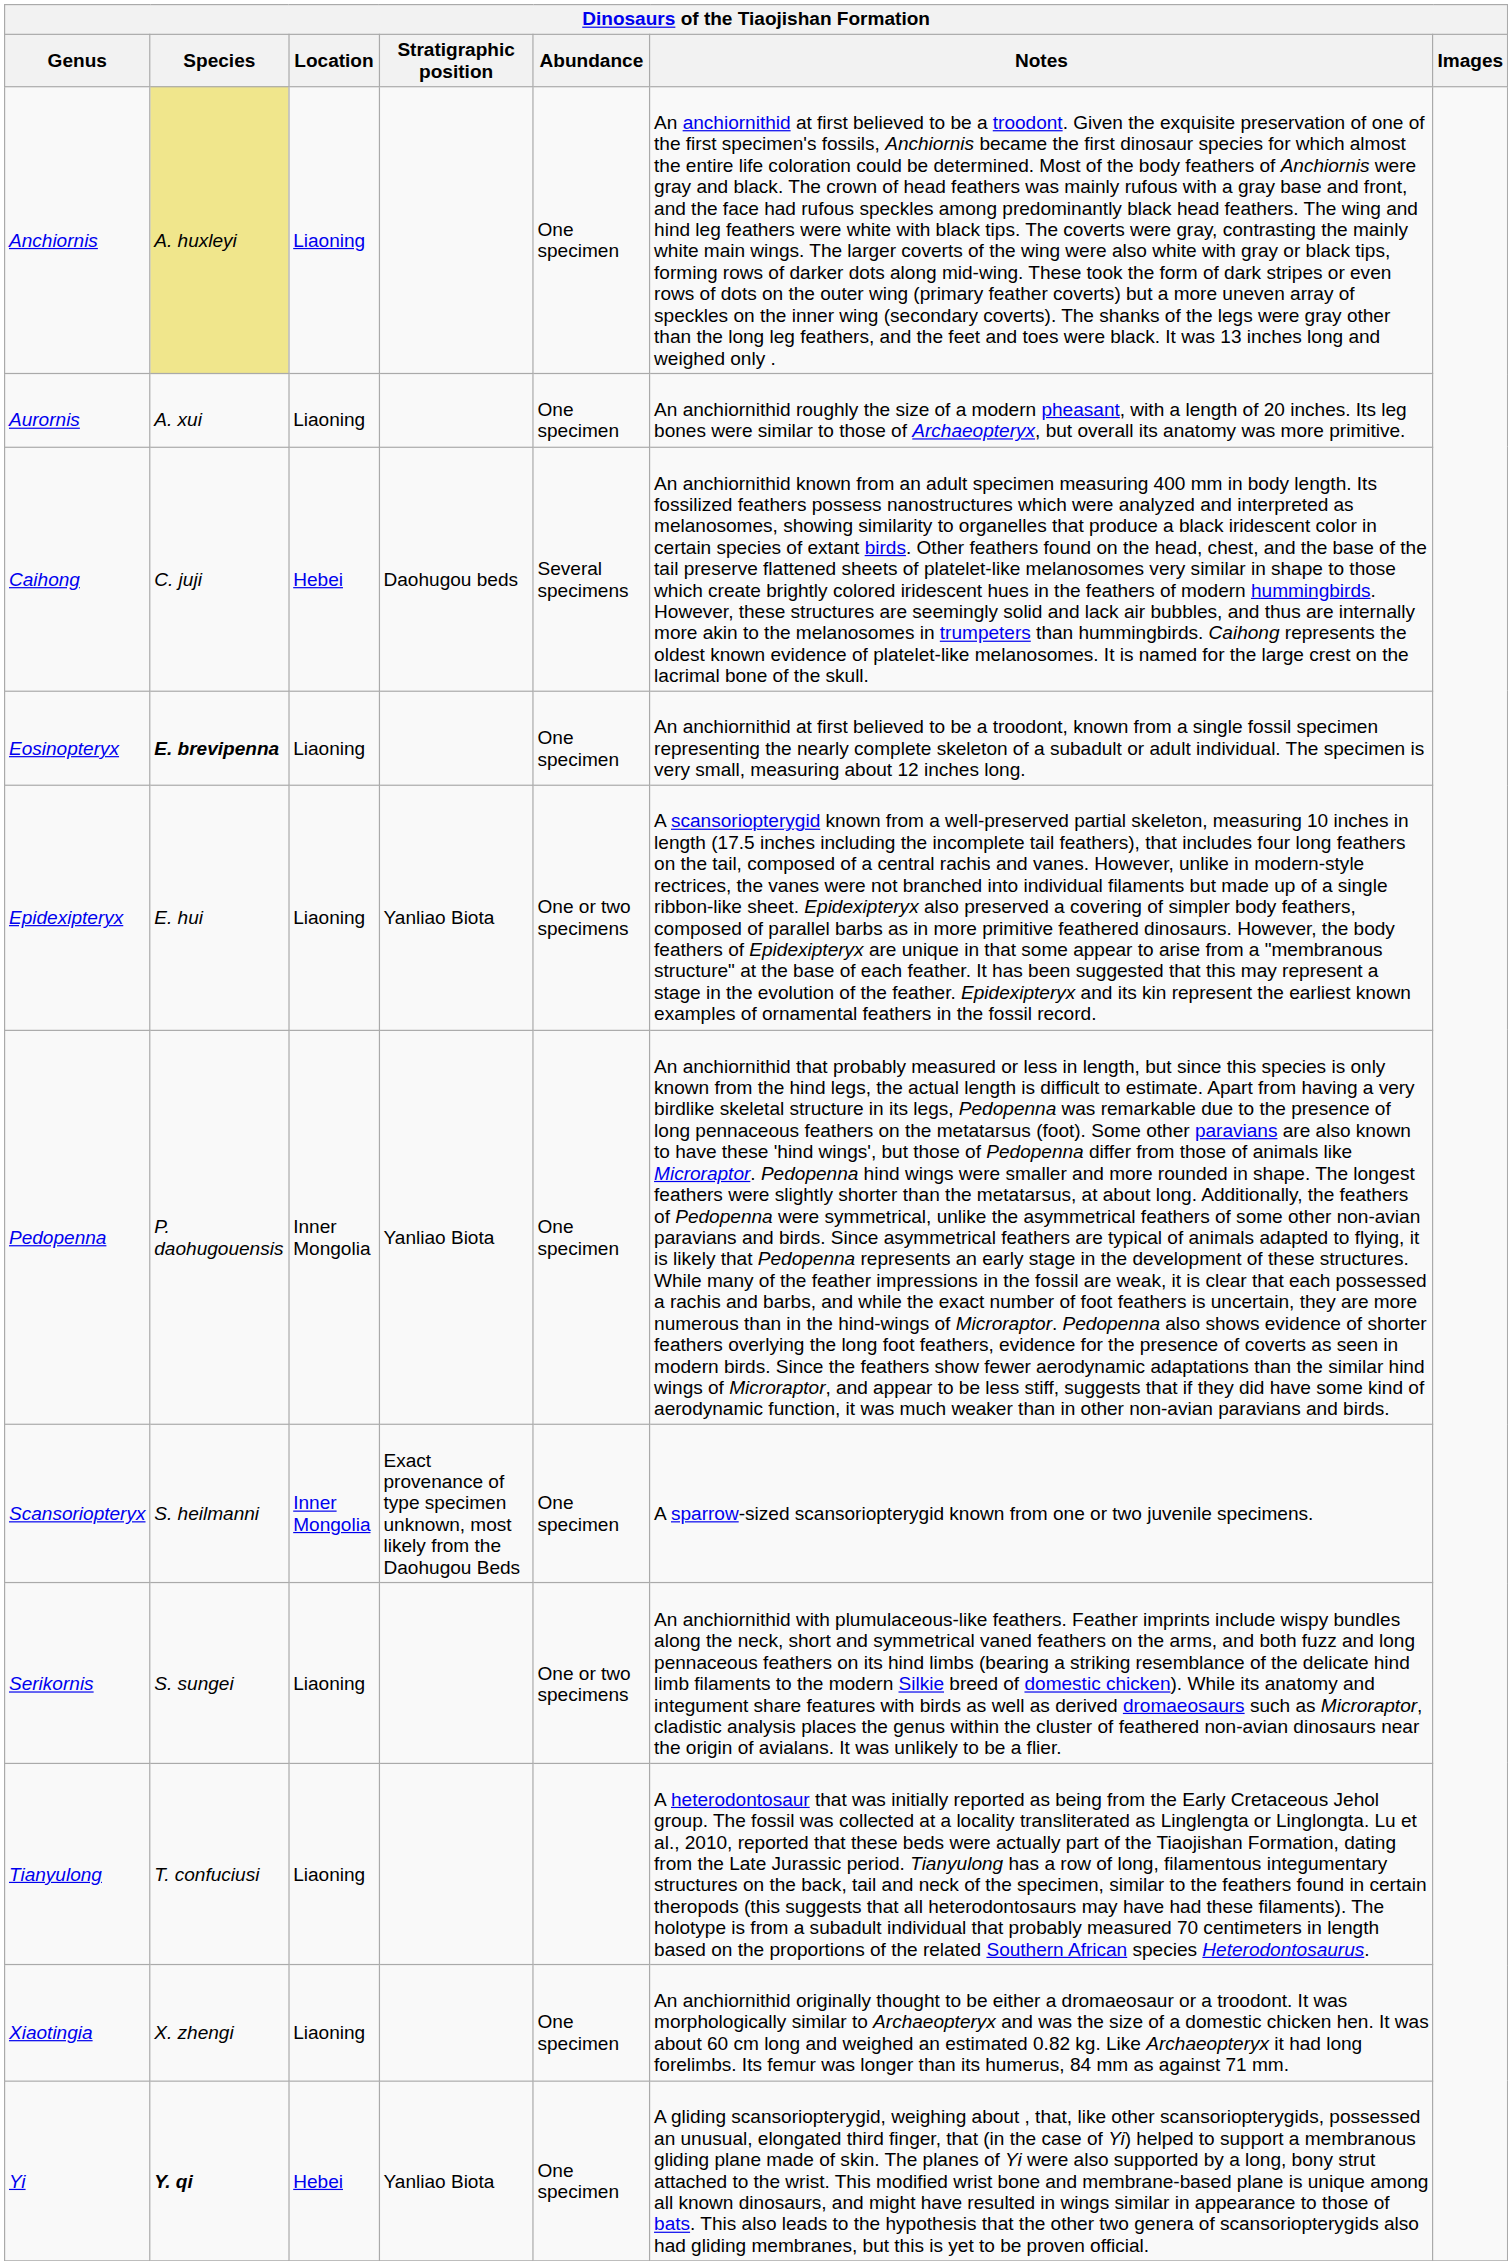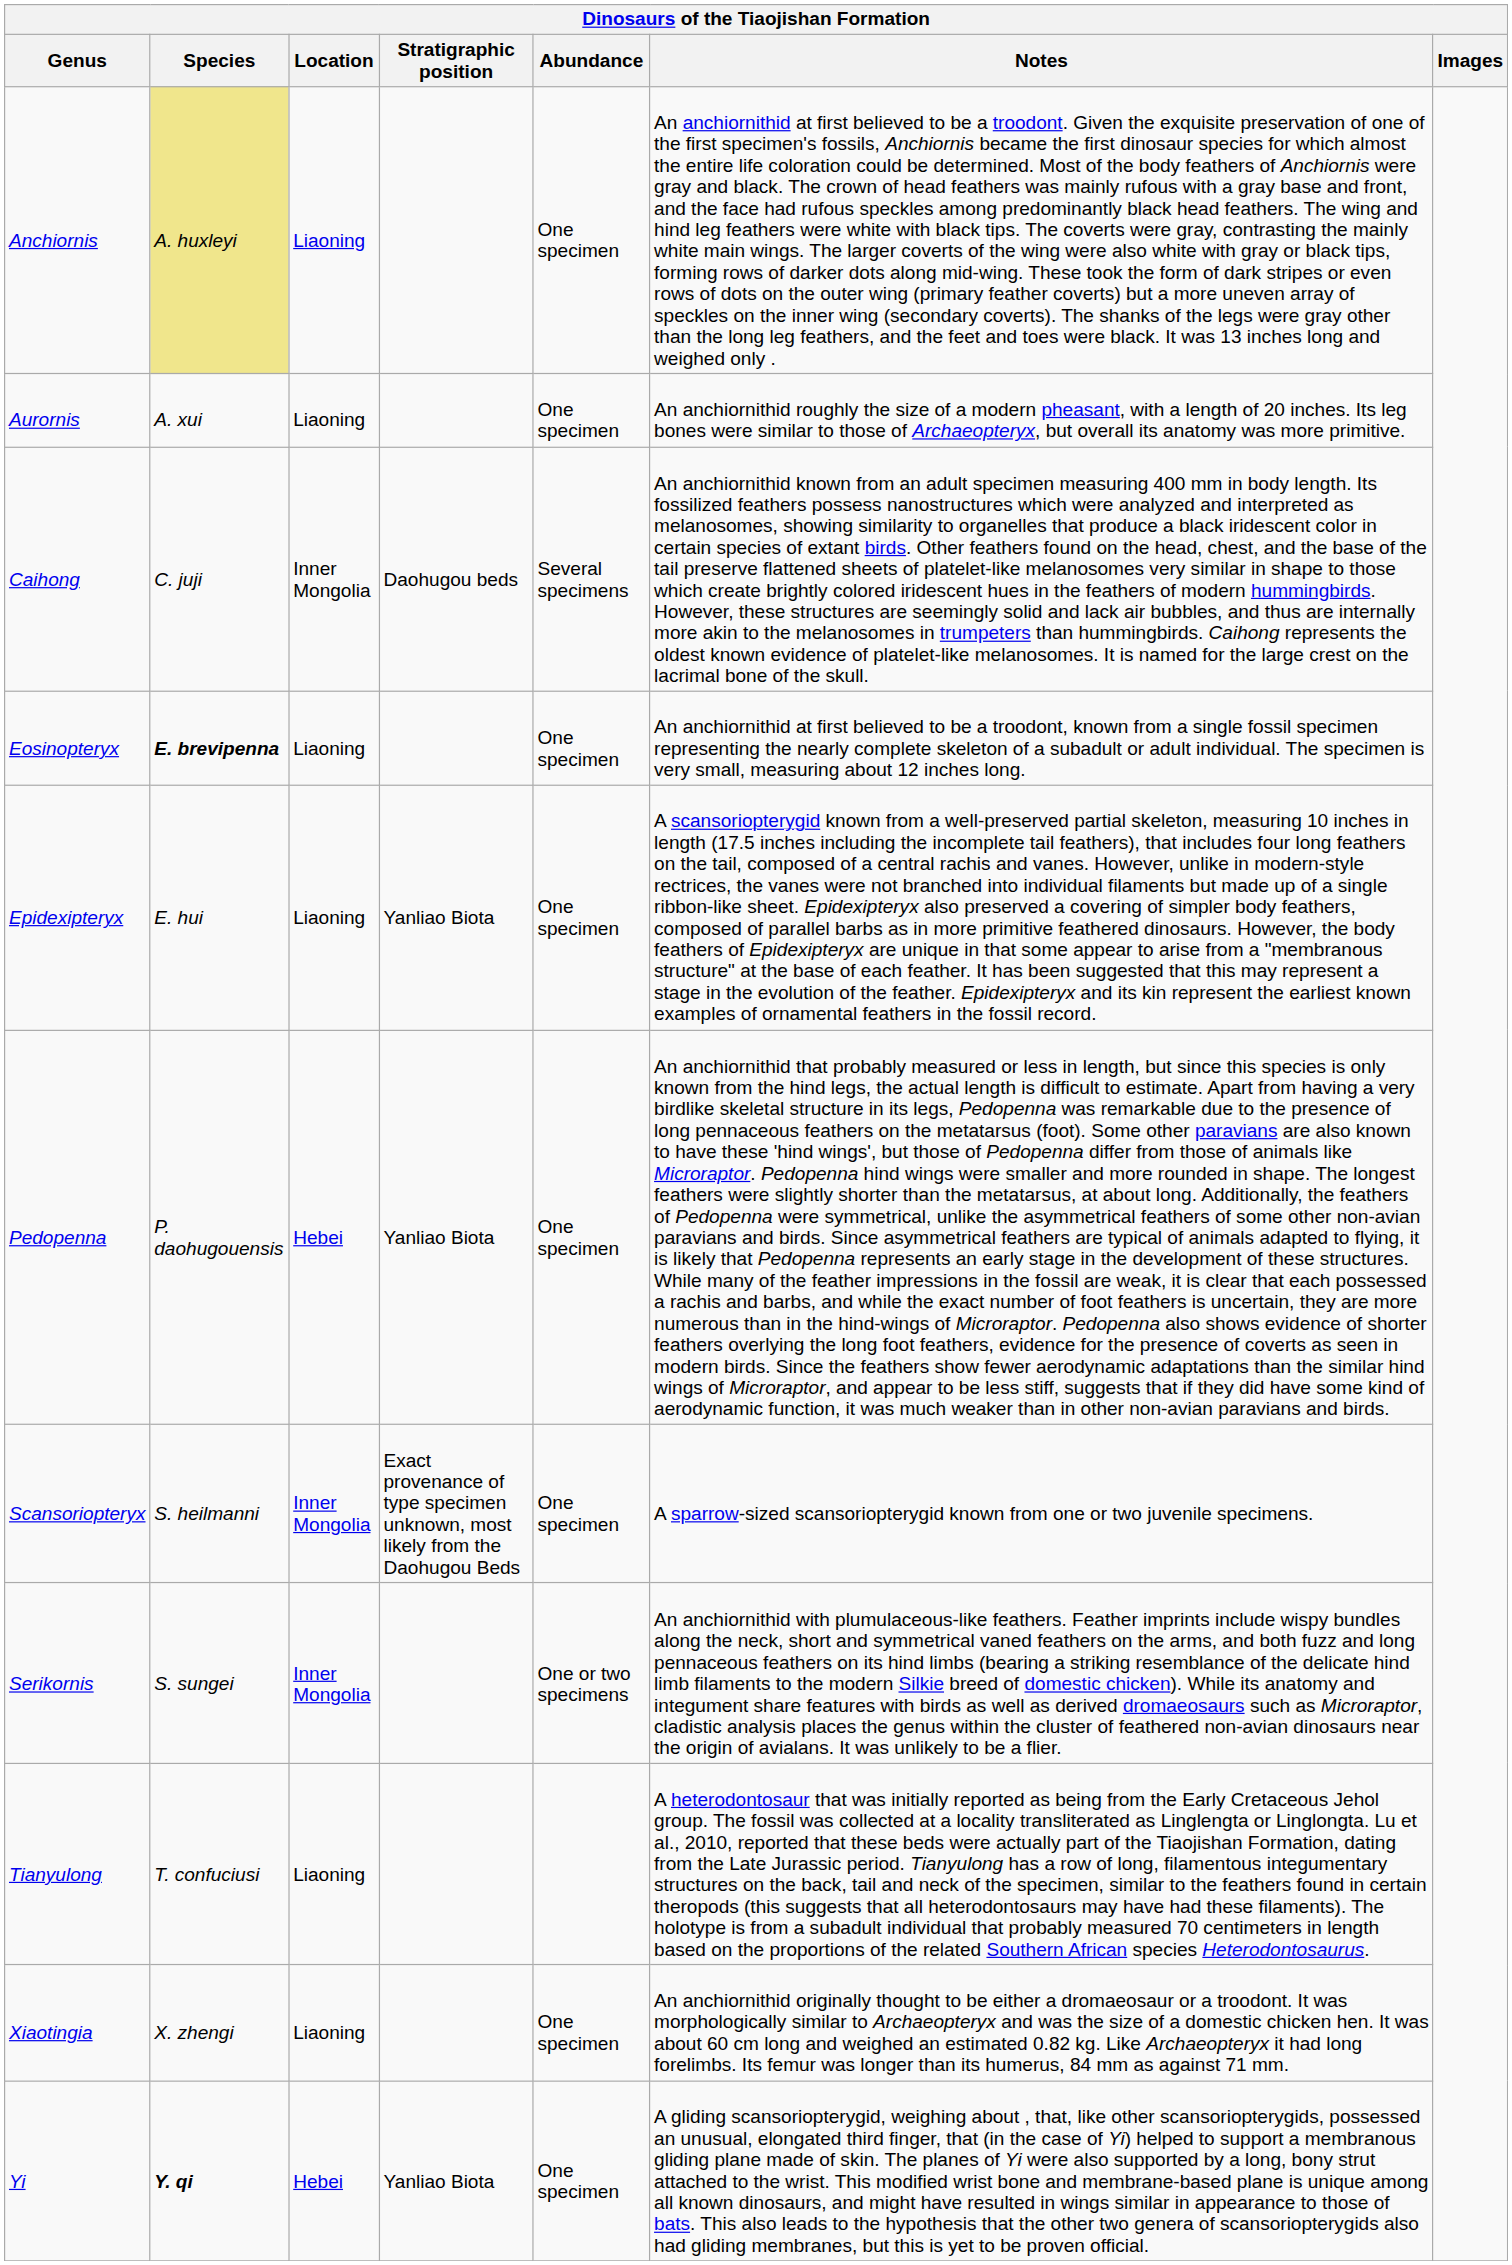 <table class="wikitable" align="center" width="100%">
 <tr>
 <th colspan="7" align="center"><strong><a href='#'>Dinosaurs</a> of the Tiaojishan Formation</strong></th>
 </tr>
 <tr>
 <th>Genus</th>
 <th>Species</th>
 <th>Location</th>
 <th>Stratigraphic position</th>
 <th>Abundance</th>
 <th>Notes</th>
 <th>Images</th>
 </tr>
 <tr>
 <td><br><em><a href='#'>Anchiornis</a></em></td>
 <td style="background: khaki;"><br><em>A. huxleyi</em></td>
 <td><br><a href='#'>Liaoning</a></td>
 <td></td>
 <td><br>One specimen</td>
 <td><br>An <a href='#'>anchiornithid</a> at first believed to be a <a href='#'>troodont</a>. Given the exquisite preservation of one of the first specimen's fossils, <em>Anchiornis</em> became the first dinosaur species for which almost the entire life coloration could be determined. Most of the body feathers of <em>Anchiornis</em> were gray and black. The crown of head feathers was mainly rufous with a gray base and front, and the face had rufous speckles among predominantly black head feathers. The wing and hind leg feathers were white with black tips. The coverts were gray, contrasting the mainly white main wings. The larger coverts of the wing were also white with gray or black tips, forming rows of darker dots along mid-wing. These took the form of dark stripes or even rows of dots on the outer wing (primary feather coverts) but a more uneven array of speckles on the inner wing (secondary coverts). The shanks of the legs were gray other than the long leg feathers, and the feet and toes were black. It was 13 inches long and weighed only .</td>
 <td rowspan="99"><br>          </td>
 </tr>
 <tr>
 <td><br><em><a href='#'>Aurornis</a></em></td>
 <td><br><em>A. xui</em></td>
 <td><br>Liaoning</td>
 <td></td>
 <td><br>One specimen</td>
 <td><br>An anchiornithid roughly the size of a modern <a href='#'>pheasant</a>, with a length of 20 inches. Its leg bones were similar to those of <em><a href='#'>Archaeopteryx</a></em>, but overall its anatomy was more primitive.</td>
 </tr>
 <tr>
 <td><br><em><a href='#'>Caihong</a></em></td>
 <td><br><em>C. juji</em></td>
-<td><br><a href='#'>Hebei</a></td>
+<td><br>Inner Mongolia</td>
 <td><br>Daohugou beds</td>
 <td><br>Several specimens</td>
 <td><br>An anchiornithid known from an adult specimen measuring 400 mm in body length. Its fossilized feathers possess nanostructures which were analyzed and interpreted as melanosomes, showing similarity to organelles that produce a black iridescent color in certain species of extant <a href='#'>birds</a>. Other feathers found on the head, chest, and the base of the tail preserve flattened sheets of platelet-like melanosomes very similar in shape to those which create brightly colored iridescent hues in the feathers of modern <a href='#'>hummingbirds</a>. However, these structures are seemingly solid and lack air bubbles, and thus are internally more akin to the melanosomes in <a href='#'>trumpeters</a> than hummingbirds. <em>Caihong</em> represents the oldest known evidence of platelet-like melanosomes. It is named for the large crest on the lacrimal bone of the skull.</td>
 </tr>
 <tr>
 <td><br><em><a href='#'>Eosinopteryx</a></em></td>
 <td><strong><br><em>E. brevipenna</em></strong></td>
 <td><br>Liaoning</td>
 <td></td>
 <td><br>One specimen</td>
 <td><br>An anchiornithid at first believed to be a troodont, known from a single fossil specimen representing the nearly complete skeleton of a subadult or adult individual. The specimen is very small, measuring about 12 inches long.</td>
 </tr>
 <tr>
 <td><br><em><a href='#'>Epidexipteryx</a></em></td>
 <td><br><em>E. hui</em></td>
 <td><br>Liaoning</td>
 <td><br>Yanliao Biota</td>
-<td><br>One or two specimens</td>
+<td><br>One specimen</td>
 <td><br>A <a href='#'>scansoriopterygid</a> known from a well-preserved partial skeleton, measuring 10 inches in length (17.5 inches including the incomplete tail feathers), that includes four long feathers on the tail, composed of a central rachis and vanes. However, unlike in modern-style rectrices, the vanes were not branched into individual filaments but made up of a single ribbon-like sheet. <em>Epidexipteryx</em> also preserved a covering of simpler body feathers, composed of parallel barbs as in more primitive feathered dinosaurs. However, the body feathers of <em>Epidexipteryx</em> are unique in that some appear to arise from a "membranous structure" at the base of each feather. It has been suggested that this may represent a stage in the evolution of the feather. <em>Epidexipteryx</em> and its kin represent the earliest known examples of ornamental feathers in the fossil record.</td>
 </tr>
 <tr>
 <td><br><em><a href='#'>Pedopenna</a></em></td>
 <td><br><em>P. daohugouensis</em></td>
-<td><br>Inner Mongolia</td>
+<td><br><a href='#'>Hebei</a></td>
 <td><br>Yanliao Biota</td>
 <td><br>One specimen</td>
 <td><br>An anchiornithid that probably measured  or less in length, but since this species is only known from the hind legs, the actual length is difficult to estimate. Apart from having a very birdlike skeletal structure in its legs, <em>Pedopenna</em> was remarkable due to the presence of long pennaceous feathers on the metatarsus (foot). Some other <a href='#'>paravians</a> are also known to have these 'hind wings', but those of <em>Pedopenna</em> differ from those of animals like <em><a href='#'>Microraptor</a></em>. <em>Pedopenna</em> hind wings were smaller and more rounded in shape. The longest feathers were slightly shorter than the metatarsus, at about  long. Additionally, the feathers of <em>Pedopenna</em> were symmetrical, unlike the asymmetrical feathers of some other non-avian paravians and birds. Since asymmetrical feathers are typical of animals adapted to flying, it is likely that <em>Pedopenna</em> represents an early stage in the development of these structures. While many of the feather impressions in the fossil are weak, it is clear that each possessed a rachis and barbs, and while the exact number of foot feathers is uncertain, they are more numerous than in the hind-wings of <em>Microraptor</em>. <em>Pedopenna</em> also shows evidence of shorter feathers overlying the long foot feathers, evidence for the presence of coverts as seen in modern birds. Since the feathers show fewer aerodynamic adaptations than the similar hind wings of <em>Microraptor</em>, and appear to be less stiff, suggests that if they did have some kind of aerodynamic function, it was much weaker than in other non-avian paravians and birds.</td>
 </tr>
 <tr>
 <td><br><em><a href='#'>Scansoriopteryx</a></em></td>
 <td><br><em>S. heilmanni</em></td>
 <td><br><a href='#'>Inner Mongolia</a></td>
 <td><br>Exact provenance of type specimen unknown, most likely from the Daohugou Beds</td>
 <td><br>One specimen</td>
 <td><br>A <a href='#'>sparrow</a>-sized scansoriopterygid known from one or two juvenile specimens.</td>
 </tr>
 <tr>
 <td><br><em><a href='#'>Serikornis</a></em></td>
 <td><br><em>S. sungei</em></td>
-<td><br>Liaoning</td>
+<td><br><a href='#'>Inner Mongolia</a></td>
 <td></td>
 <td><br>One or two specimens</td>
 <td><br>An anchiornithid with plumulaceous-like feathers. Feather imprints include wispy bundles along the neck, short and symmetrical vaned feathers on the arms, and both fuzz and long pennaceous feathers on its hind limbs (bearing a striking resemblance of the delicate hind limb filaments to the modern <a href='#'>Silkie</a> breed of <a href='#'>domestic chicken</a>). While its anatomy and integument share features with birds as well as derived <a href='#'>dromaeosaurs</a> such as <em>Microraptor</em>, cladistic analysis places the genus within the cluster of feathered non-avian dinosaurs near the origin of avialans. It was unlikely to be a flier.</td>
 </tr>
 <tr>
 <td><br><em><a href='#'>Tianyulong</a></em></td>
 <td><br><em>T. confuciusi</em></td>
 <td><br>Liaoning</td>
 <td></td>
 <td></td>
 <td><br>A <a href='#'>heterodontosaur</a> that was initially reported as being from the Early Cretaceous Jehol group. The fossil was collected at a locality transliterated as Linglengta or Linglongta. Lu et al., 2010, reported that these beds were actually part of the Tiaojishan Formation, dating from the Late Jurassic period. <em>Tianyulong</em> has a row of long, filamentous integumentary structures on the back, tail and neck of the specimen, similar to the feathers found in certain theropods (this suggests that all heterodontosaurs may have had these filaments). The holotype is from a subadult individual that probably measured 70 centimeters in length based on the proportions of the related <a href='#'>Southern African</a> species <em><a href='#'>Heterodontosaurus</a></em>.</td>
 </tr>
 <tr>
 <td><br><em><a href='#'>Xiaotingia</a></em></td>
 <td><br><em>X. zhengi</em></td>
 <td><br>Liaoning</td>
 <td></td>
 <td><br>One specimen</td>
 <td><br>An anchiornithid originally thought to be either a dromaeosaur or a troodont. It was morphologically similar to <em>Archaeopteryx</em> and was the size of a domestic chicken hen. It was about 60 cm long and weighed an estimated 0.82 kg. Like <em>Archaeopteryx</em> it had long forelimbs. Its femur was longer than its humerus, 84 mm as against 71 mm.</td>
 </tr>
 <tr>
 <td><br><em><a href='#'>Yi</a></em></td>
 <td><strong><br><em>Y. qi</em></strong></td>
 <td><br><a href='#'>Hebei</a></td>
 <td><br>Yanliao Biota</td>
 <td><br>One specimen</td>
 <td><br>A gliding scansoriopterygid, weighing about , that, like other scansoriopterygids, possessed an unusual, elongated third finger, that (in the case of <em>Yi</em>) helped to support a membranous gliding plane made of skin. The planes of <em>Yi</em> were also supported by a long, bony strut attached to the wrist. This modified wrist bone and membrane-based plane is unique among all known dinosaurs, and might have resulted in wings similar in appearance to those of <a href='#'>bats</a>. This also leads to the hypothesis that the other two genera of scansoriopterygids also had gliding membranes, but this is yet to be proven official.</td>
 </tr>
 </table>
